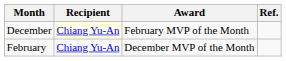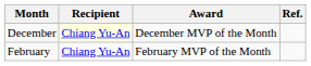 <table class="wikitable">
 <tr>
 <th>Month</th>
 <th>Recipient</th>
 <th>Award</th>
 <th>Ref.</th>
 </tr>
 <tr>
 <td>December</td>
 <td style="background: lightyellow;"><a href='#'>Chiang Yu-An</a></td>
-<td>February MVP of the Month</td>
+<td>December MVP of the Month</td>
 <td></td>
 </tr>
 <tr>
 <td>February</td>
 <td><a href='#'>Chiang Yu-An</a></td>
-<td>December MVP of the Month</td>
+<td>February MVP of the Month</td>
 <td></td>
 </tr>
 </table>
